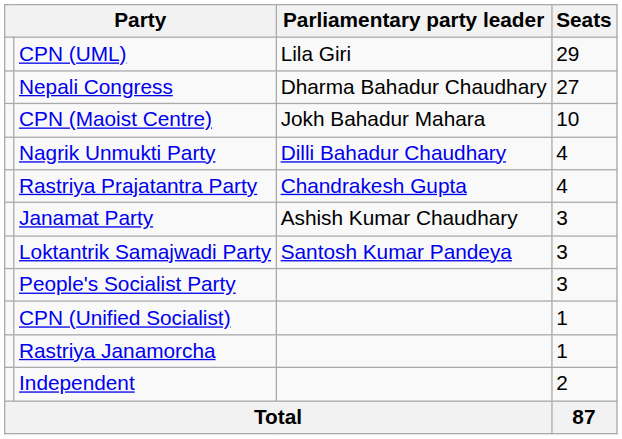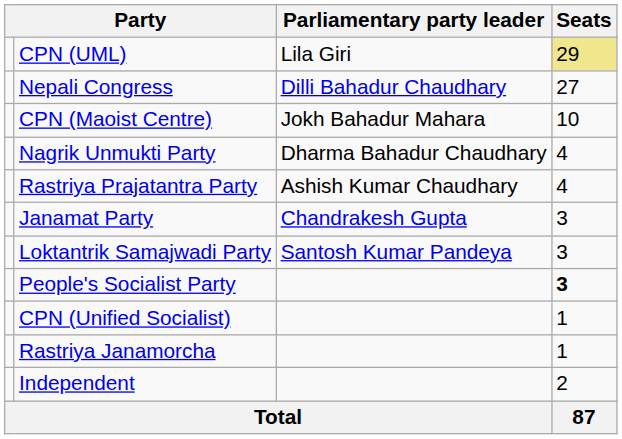 <table class="wikitable" style="text-align:left">
 <tr>
 <th colspan="2">Party</th>
 <th>Parliamentary party leader</th>
 <th>Seats</th>
 </tr>
 <tr>
 <td></td>
 <td><a href='#'>CPN (UML)</a></td>
 <td>Lila Giri</td>
-<td>29</td>
+<td style="background: khaki;">29</td>
 </tr>
 <tr>
 <td></td>
 <td><a href='#'>Nepali Congress</a></td>
-<td>Dharma Bahadur Chaudhary</td>
+<td><a href='#'>Dilli Bahadur Chaudhary</a></td>
 <td>27</td>
 </tr>
 <tr>
 <td></td>
 <td><a href='#'>CPN (Maoist Centre)</a></td>
 <td>Jokh Bahadur Mahara</td>
 <td>10</td>
 </tr>
 <tr>
 <td></td>
 <td><a href='#'>Nagrik Unmukti Party</a></td>
-<td><a href='#'>Dilli Bahadur Chaudhary</a></td>
+<td>Dharma Bahadur Chaudhary</td>
 <td>4</td>
 </tr>
 <tr>
 <td></td>
 <td><a href='#'>Rastriya Prajatantra Party</a></td>
-<td><a href='#'>Chandrakesh Gupta</a></td>
+<td>Ashish Kumar Chaudhary</td>
 <td>4</td>
 </tr>
 <tr>
 <td></td>
 <td><a href='#'>Janamat Party</a></td>
-<td>Ashish Kumar Chaudhary</td>
+<td><a href='#'>Chandrakesh Gupta</a></td>
 <td>3</td>
 </tr>
 <tr>
 <td></td>
 <td><a href='#'>Loktantrik Samajwadi Party</a></td>
 <td><a href='#'>Santosh Kumar Pandeya</a></td>
 <td>3</td>
 </tr>
 <tr>
 <td></td>
 <td><a href='#'>People's Socialist Party</a></td>
 <td></td>
-<td>3</td>
+<td><strong>3</strong></td>
 </tr>
 <tr>
 <td></td>
 <td><a href='#'>CPN (Unified Socialist)</a></td>
 <td></td>
 <td>1</td>
 </tr>
 <tr>
 <td></td>
 <td><a href='#'>Rastriya Janamorcha</a></td>
 <td></td>
 <td>1</td>
 </tr>
 <tr>
 <td></td>
 <td><a href='#'>Independent</a></td>
 <td></td>
 <td>2</td>
 </tr>
 <tr>
 <th colspan="3">Total</th>
 <th>87</th>
 </tr>
 </table>
